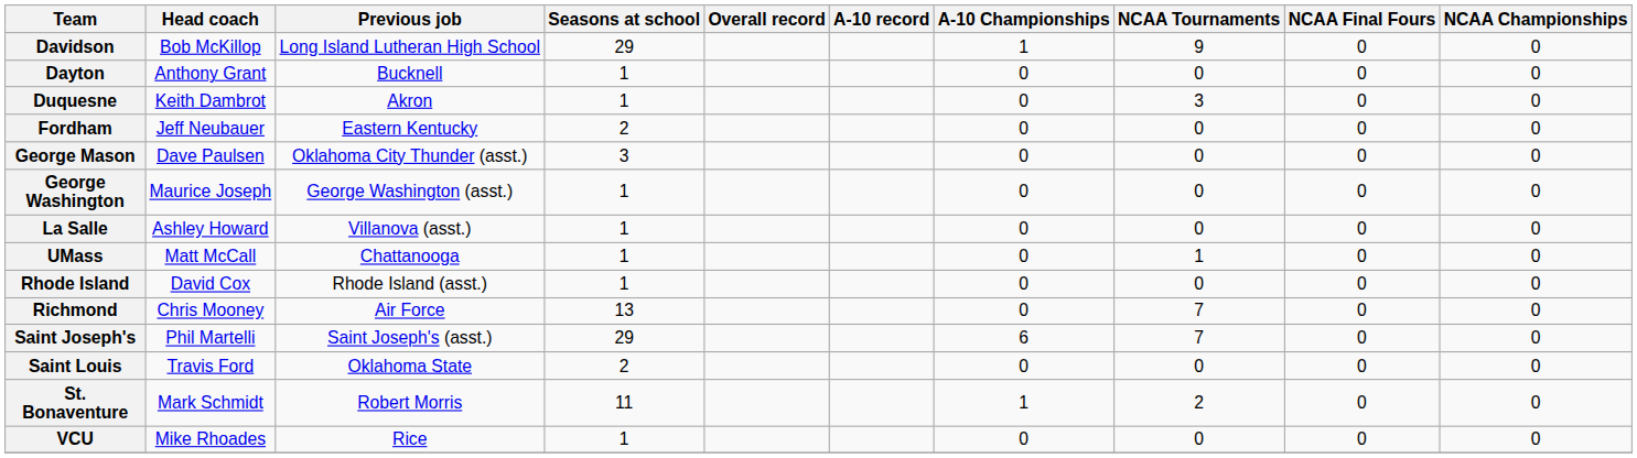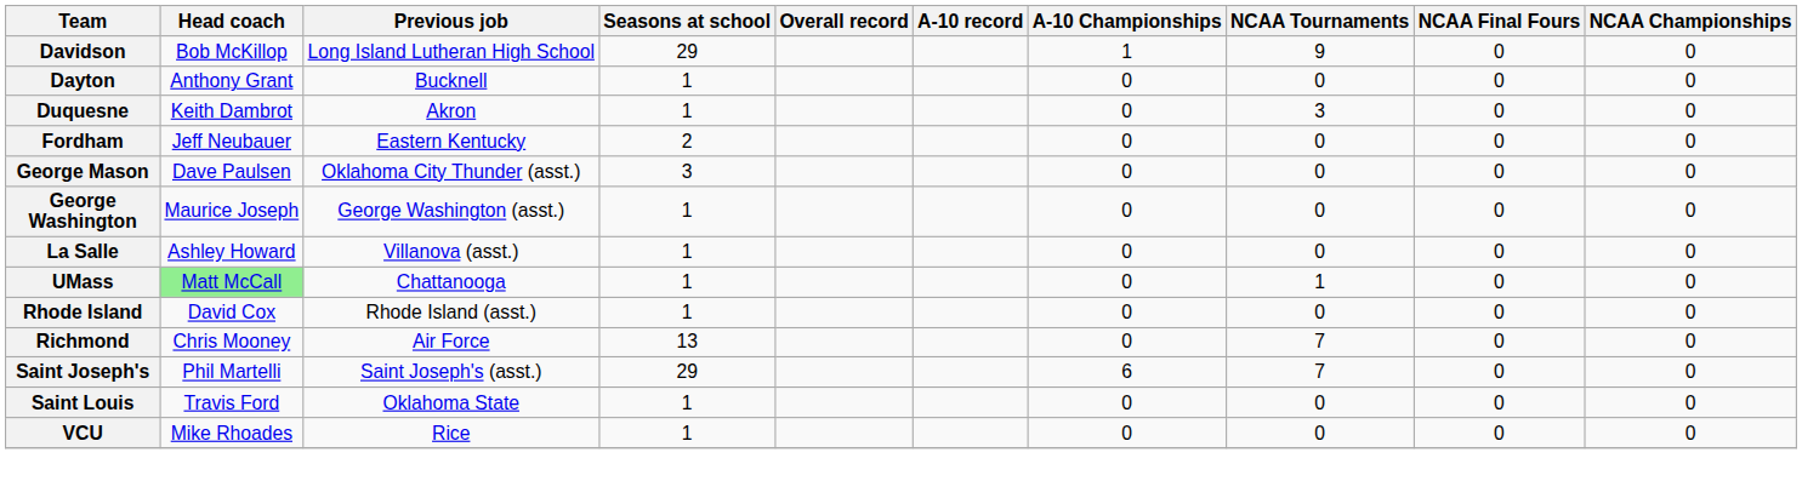 <table class="wikitable sortable" style="text-align: center;font-size:90%;">
 <tr>
 <th width="110">Team</th>
 <th>Head coach</th>
 <th>Previous job</th>
 <th>Seasons at school</th>
 <th>Overall record</th>
 <th>A-10 record</th>
 <th>A-10 Championships</th>
 <th>NCAA Tournaments</th>
 <th>NCAA Final Fours</th>
 <th>NCAA Championships</th>
 </tr>
 <tr>
 <th style=>Davidson</th>
 <td><a href='#'>Bob McKillop</a></td>
 <td><a href='#'>Long Island Lutheran High School</a></td>
 <td>29</td>
 <td></td>
 <td></td>
 <td>1</td>
 <td>9</td>
 <td>0</td>
 <td>0</td>
 </tr>
 <tr>
 <th style="background:#">Dayton</th>
 <td><a href='#'>Anthony Grant</a></td>
 <td><a href='#'>Bucknell</a></td>
 <td>1</td>
 <td></td>
 <td></td>
 <td>0</td>
 <td>0</td>
 <td>0</td>
 <td>0</td>
 </tr>
 <tr>
 <th style=>Duquesne</th>
 <td><a href='#'>Keith Dambrot</a></td>
 <td><a href='#'>Akron</a></td>
 <td>1</td>
 <td></td>
 <td></td>
 <td>0</td>
 <td>3</td>
 <td>0</td>
 <td>0</td>
 </tr>
 <tr>
 <th style=>Fordham</th>
 <td><a href='#'>Jeff Neubauer</a></td>
 <td><a href='#'>Eastern Kentucky</a></td>
 <td>2</td>
 <td></td>
 <td></td>
 <td>0</td>
 <td>0</td>
 <td>0</td>
 <td>0</td>
 </tr>
 <tr>
 <th style=>George Mason</th>
 <td><a href='#'>Dave Paulsen</a></td>
 <td><a href='#'>Oklahoma City Thunder</a> (asst.)</td>
 <td>3</td>
 <td></td>
 <td></td>
 <td>0</td>
 <td>0</td>
 <td>0</td>
 <td>0</td>
 </tr>
 <tr>
 <th style=>George Washington</th>
 <td><a href='#'>Maurice Joseph</a></td>
 <td><a href='#'>George Washington</a> (asst.)</td>
 <td>1</td>
 <td></td>
 <td></td>
 <td>0</td>
 <td>0</td>
 <td>0</td>
 <td>0</td>
 </tr>
 <tr>
 <th style=>La Salle</th>
 <td><a href='#'>Ashley Howard</a></td>
 <td><a href='#'>Villanova</a> (asst.)</td>
 <td>1</td>
 <td></td>
 <td></td>
 <td>0</td>
 <td>0</td>
 <td>0</td>
 <td>0</td>
 </tr>
 <tr>
 <th style=>UMass</th>
-<td><a href='#'>Matt McCall</a></td>
+<td style="background: lightgreen;"><a href='#'>Matt McCall</a></td>
 <td><a href='#'>Chattanooga</a></td>
 <td>1</td>
 <td></td>
 <td></td>
 <td>0</td>
 <td>1</td>
 <td>0</td>
 <td>0</td>
 </tr>
 <tr>
 <th style=>Rhode Island</th>
 <td><a href='#'>David Cox</a></td>
 <td>Rhode Island (asst.)</td>
 <td>1</td>
 <td></td>
 <td></td>
 <td>0</td>
 <td>0</td>
 <td>0</td>
 <td>0</td>
 </tr>
 <tr>
 <th style=>Richmond</th>
 <td><a href='#'>Chris Mooney</a></td>
 <td><a href='#'>Air Force</a></td>
 <td>13</td>
 <td></td>
 <td></td>
 <td>0</td>
 <td>7</td>
 <td>0</td>
 <td>0</td>
 </tr>
 <tr>
 <th style=>Saint Joseph's</th>
 <td><a href='#'>Phil Martelli</a></td>
 <td><a href='#'>Saint Joseph's</a> (asst.)</td>
 <td>29</td>
 <td></td>
 <td></td>
 <td>6</td>
 <td>7</td>
 <td>0</td>
 <td>0</td>
 </tr>
 <tr>
 <th style=>Saint Louis</th>
 <td><a href='#'>Travis Ford</a></td>
 <td><a href='#'>Oklahoma State</a></td>
-<td>2</td>
+<td>1</td>
 <td></td>
 <td></td>
 <td>0</td>
 <td>0</td>
-<td>0</td>
-<td>0</td>
-</tr>
-<tr>
-<th style=>St. Bonaventure</th>
-<td><a href='#'>Mark Schmidt</a></td>
-<td><a href='#'>Robert Morris</a></td>
-<td>11</td>
-<td></td>
-<td></td>
-<td>1</td>
-<td>2</td>
 <td>0</td>
 <td>0</td>
 </tr>
 <tr>
 <th style=>VCU</th>
 <td><a href='#'>Mike Rhoades</a></td>
 <td><a href='#'>Rice</a></td>
 <td>1</td>
 <td></td>
 <td></td>
 <td>0</td>
 <td>0</td>
 <td>0</td>
 <td>0</td>
 </tr>
 <tr>
 </tr>
 </table>
